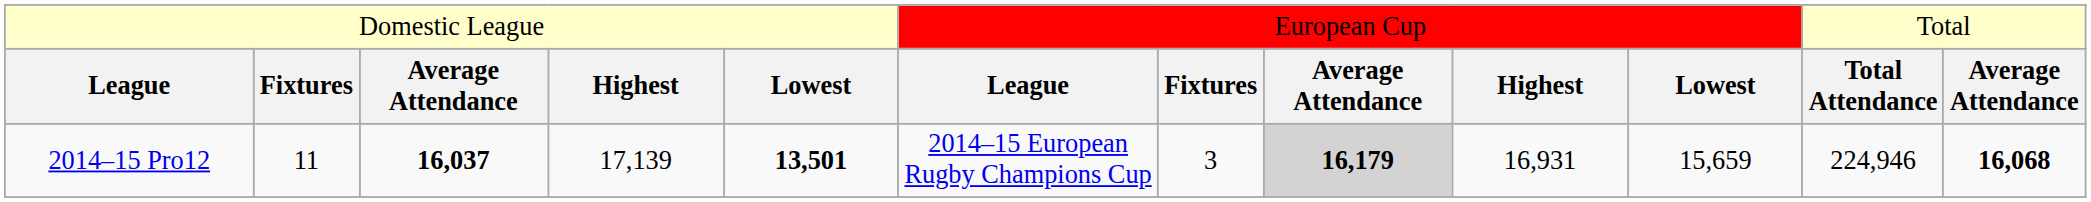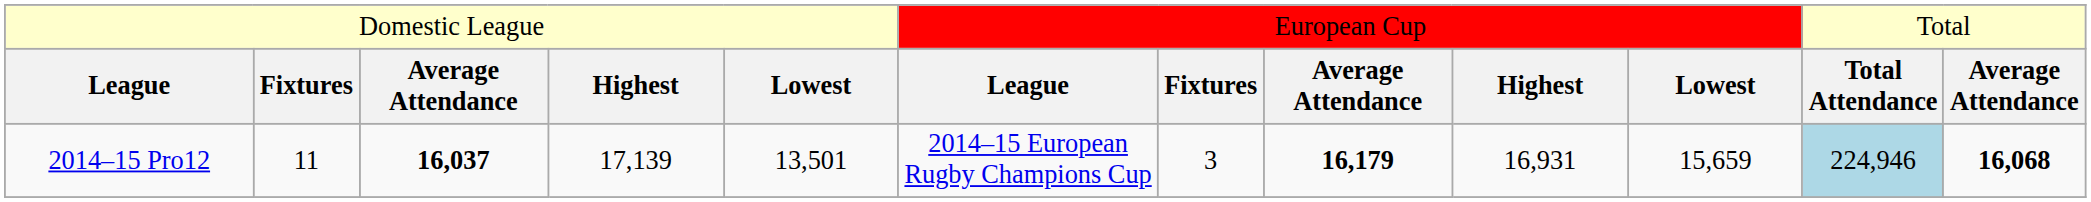 <table class="wikitable sortable" style="font-size:90%; width:90%;">
 <tr>
 <td colspan="5" class="wikitable sortable" style="width:45%; background:#ffffcc; text-align:center;"><span>Domestic League</span></td>
 <td colspan="5" class="wikitable sortable" style="width:45%; background:#f00; text-align:center;"><span>European Cup</span></td>
 <td colspan="2" class="wikitable sortable" style="width:45%; background:#ffffcc; text-align:center;"><span>Total</span></td>
 </tr>
 <tr>
 <th style="width:15%;">League</th>
 <th style="width:5%;">Fixtures</th>
 <th style="width:10%;">Average Attendance</th>
 <th style="width:10%;">Highest</th>
 <th style="width:10%;">Lowest</th>
 <th style="width:15%;">League</th>
 <th style="width:5%;">Fixtures</th>
 <th style="width:10%;">Average Attendance</th>
 <th style="width:10%;">Highest</th>
 <th style="width:10%;">Lowest</th>
 <th style="width:10%;">Total Attendance</th>
 <th style="width:10%;">Average Attendance</th>
 </tr>
 <tr>
 <td align=center><a href='#'>2014–15 Pro12</a></td>
 <td align=center>11</td>
 <td align=center><strong>16,037</strong></td>
 <td align=center>17,139</td>
-<td align=center><strong>13,501</strong></td>
+<td align=center>13,501</td>
 <td align=center><a href='#'>2014–15 European Rugby Champions Cup</a></td>
 <td align=center>3</td>
-<td align=center style="background: lightgrey;"><strong>16,179</strong></td>
+<td align=center><strong>16,179</strong></td>
 <td align=center>16,931</td>
 <td align=center>15,659</td>
-<td align=center>224,946</td>
+<td align=center style="background: lightblue;">224,946</td>
 <td align=center><strong>16,068</strong></td>
 </tr>
 </table>
